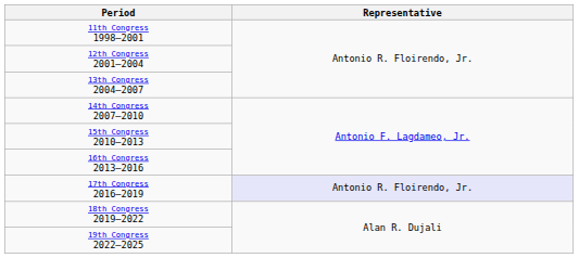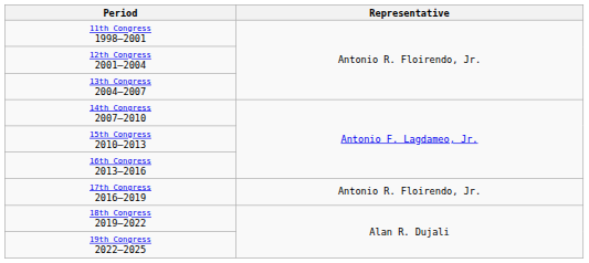 <table class="wikitable" style="text-align:center; width:40%;">
 <tr>
 <th width="40%">Period</th>
 <th>Representative</th>
 </tr>
 <tr>
 <td><small><a href='#'>11th Congress</a></small><br>1998–2001</td>
 <td rowspan="3">Antonio R. Floirendo, Jr.</td>
 </tr>
 <tr>
 <td><small><a href='#'>12th Congress</a></small><br>2001–2004</td>
 </tr>
 <tr>
 <td><small><a href='#'>13th Congress</a></small><br>2004–2007</td>
 </tr>
 <tr>
 <td><small><a href='#'>14th Congress</a></small><br>2007–2010</td>
 <td rowspan="3"><a href='#'>Antonio F. Lagdameo, Jr.</a></td>
 </tr>
 <tr>
 <td><small><a href='#'>15th Congress</a></small><br>2010–2013</td>
 </tr>
 <tr>
 <td><small><a href='#'>16th Congress</a></small><br>2013–2016</td>
 </tr>
 <tr>
 <td><small><a href='#'>17th Congress</a></small><br>2016–2019</td>
-<td style="background: lavender;">Antonio R. Floirendo, Jr.</td>
+<td>Antonio R. Floirendo, Jr.</td>
 </tr>
 <tr>
 <td><small><a href='#'>18th Congress</a></small><br>2019–2022</td>
 <td rowspan="2">Alan R. Dujali</td>
 </tr>
 <tr>
 <td><small><a href='#'>19th Congress</a></small><br>2022–2025</td>
 </tr>
 </table>
